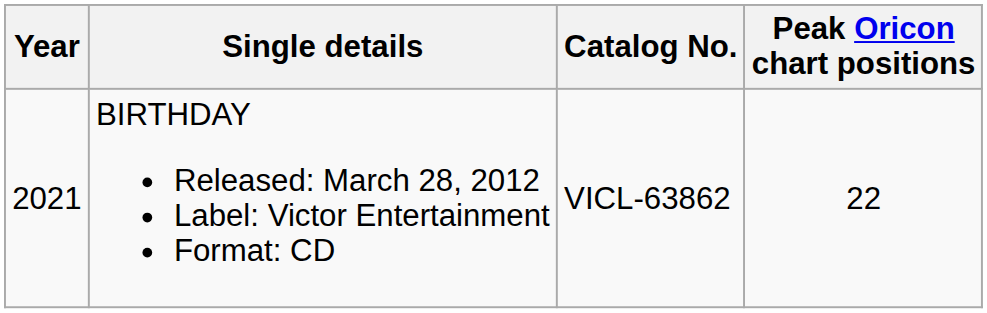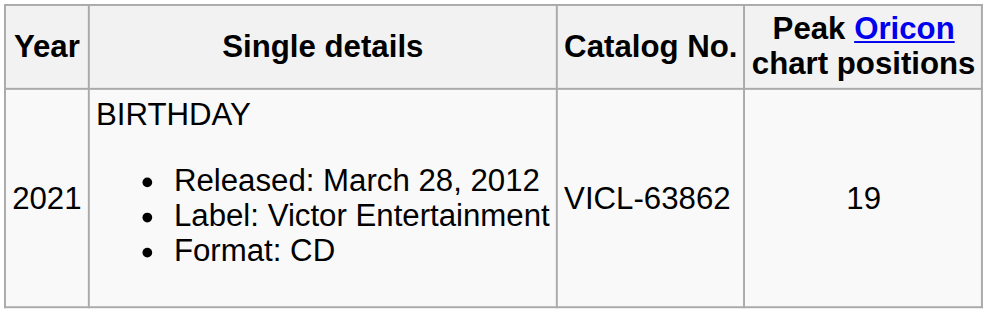 <table class="wikitable">
 <tr>
 <th>Year</th>
 <th>Single details</th>
 <th>Catalog No.</th>
 <th>Peak <a href='#'>Oricon</a><br> chart positions</th>
 </tr>
 <tr>
 <td>2021</td>
 <td align="left">BIRTHDAY<br><ul><li>Released: March 28, 2012</li><li>Label: Victor Entertainment</li><li>Format: CD</li></ul></td>
 <td>VICL-63862</td>
-<td align="center">22</td>
+<td align="center">19</td>
 </tr>
 </table>
